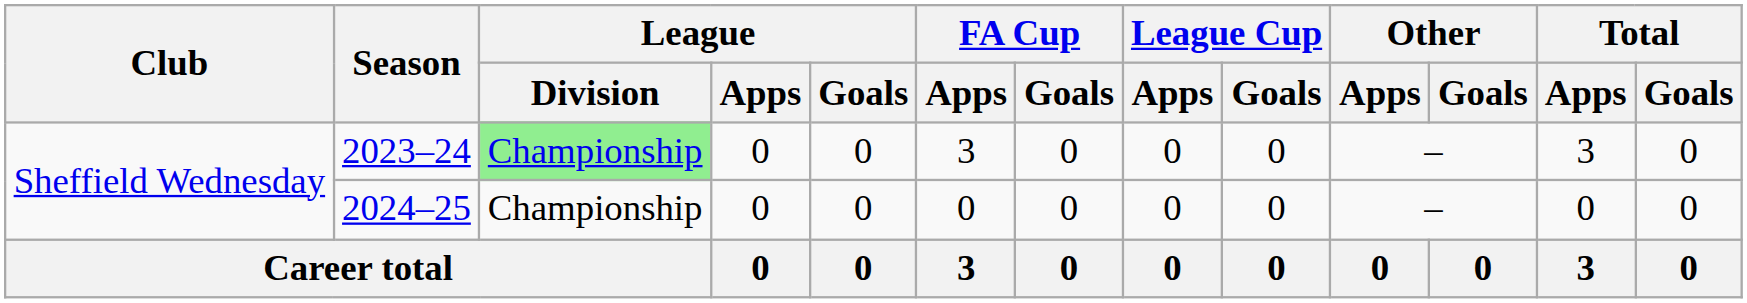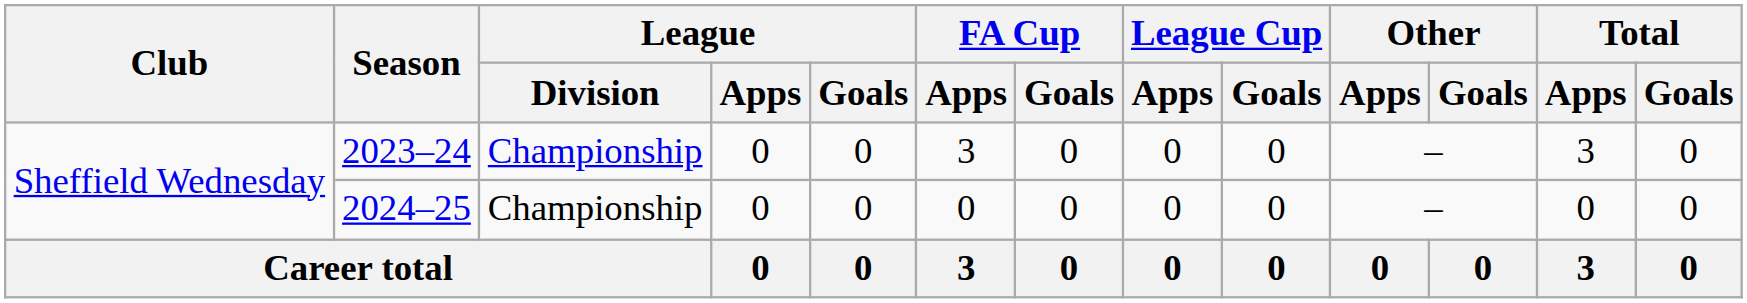 <table class=wikitable style="text-align:center">
 <tr>
 <th rowspan=2>Club</th>
 <th rowspan=2>Season</th>
 <th colspan=3>League</th>
 <th colspan=2><a href='#'>FA Cup</a></th>
 <th colspan=2><a href='#'>League Cup</a></th>
 <th colspan=2>Other</th>
 <th colspan=2>Total</th>
 </tr>
 <tr>
 <th>Division</th>
 <th>Apps</th>
 <th>Goals</th>
 <th>Apps</th>
 <th>Goals</th>
 <th>Apps</th>
 <th>Goals</th>
 <th>Apps</th>
 <th>Goals</th>
 <th>Apps</th>
 <th>Goals</th>
 </tr>
 <tr>
 <td rowspan="2"><a href='#'>Sheffield Wednesday</a></td>
 <td><a href='#'>2023–24</a></td>
-<td style="background: lightgreen;"><a href='#'>Championship</a></td>
+<td><a href='#'>Championship</a></td>
 <td>0</td>
 <td>0</td>
 <td>3</td>
 <td>0</td>
 <td>0</td>
 <td>0</td>
 <td colspan="2">–</td>
 <td>3</td>
 <td>0</td>
 </tr>
 <tr>
 <td><a href='#'>2024–25</a></td>
 <td>Championship</td>
 <td>0</td>
 <td>0</td>
 <td>0</td>
 <td>0</td>
 <td>0</td>
 <td>0</td>
 <td colspan="2">–</td>
 <td>0</td>
 <td>0</td>
 </tr>
 <tr>
 <th colspan=3>Career total</th>
 <th>0</th>
 <th>0</th>
 <th>3</th>
 <th>0</th>
 <th>0</th>
 <th>0</th>
 <th>0</th>
 <th>0</th>
 <th>3</th>
 <th>0</th>
 </tr>
 </table>
